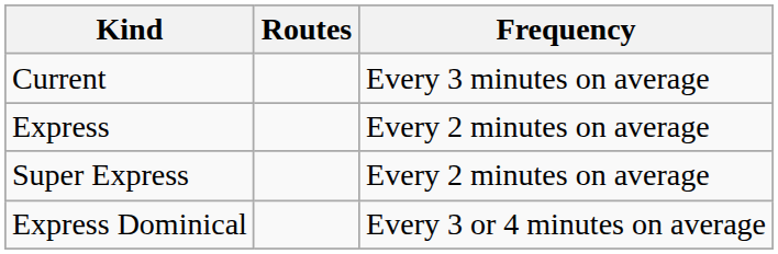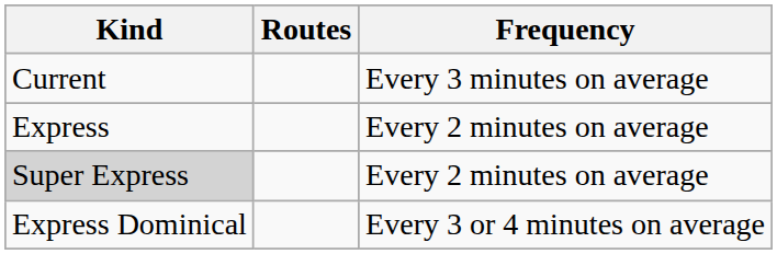 <table class="wikitable" style="margin-left: auto; margin-right: auto; border: none;">
 <tr>
 <th>Kind</th>
 <th>Routes</th>
 <th>Frequency</th>
 </tr>
 <tr>
 <td>Current</td>
 <td>  </td>
 <td>Every 3 minutes on average</td>
 </tr>
 <tr>
 <td>Express</td>
 <td>     </td>
 <td>Every 2 minutes on average</td>
 </tr>
 <tr>
-<td>Super Express</td>
+<td style="background: lightgrey;">Super Express</td>
 <td></td>
 <td>Every 2 minutes on average</td>
 </tr>
 <tr>
 <td>Express Dominical</td>
 <td></td>
 <td>Every 3 or 4 minutes on average</td>
 </tr>
 </table>
